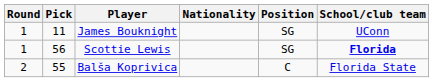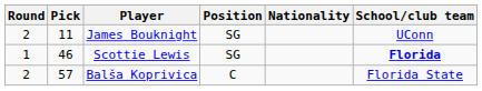 <table class="wikitable sortable sortable">
 <tr>
 <th>Round</th>
 <th>Pick</th>
 <th>Player</th>
+<th>Position</th>
 <th>Nationality</th>
-<th>Position</th>
 <th>School/club team</th>
 </tr>
 <tr style="text-align: center">
-<td>1</td>
+<td>2</td>
 <td>11</td>
 <td><a href='#'>James Bouknight</a></td>
+<td>SG</td>
 <td></td>
-<td>SG</td>
 <td><a href='#'>UConn</a></td>
 </tr>
 <tr style="text-align: center">
 <td>1</td>
-<td>56</td>
+<td>46</td>
 <td><a href='#'>Scottie Lewis</a></td>
+<td>SG</td>
 <td></td>
-<td>SG</td>
 <td><strong><a href='#'>Florida</a></strong></td>
 </tr>
 <tr style="text-align: center">
 <td>2</td>
-<td>55</td>
+<td>57</td>
 <td><a href='#'>Balša Koprivica</a></td>
+<td>C</td>
 <td></td>
-<td>C</td>
 <td><a href='#'>Florida State</a></td>
 </tr>
 </table>
